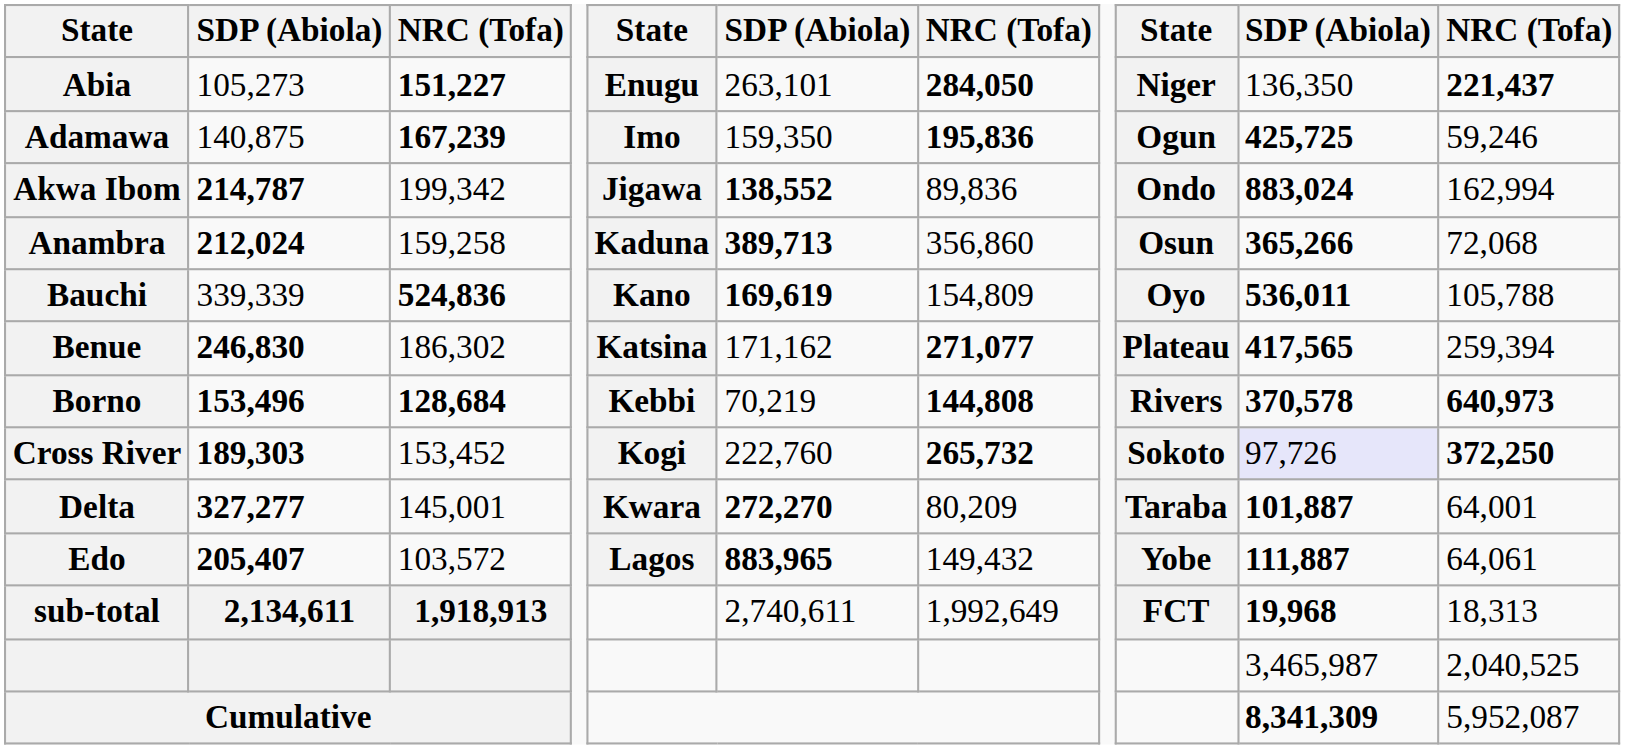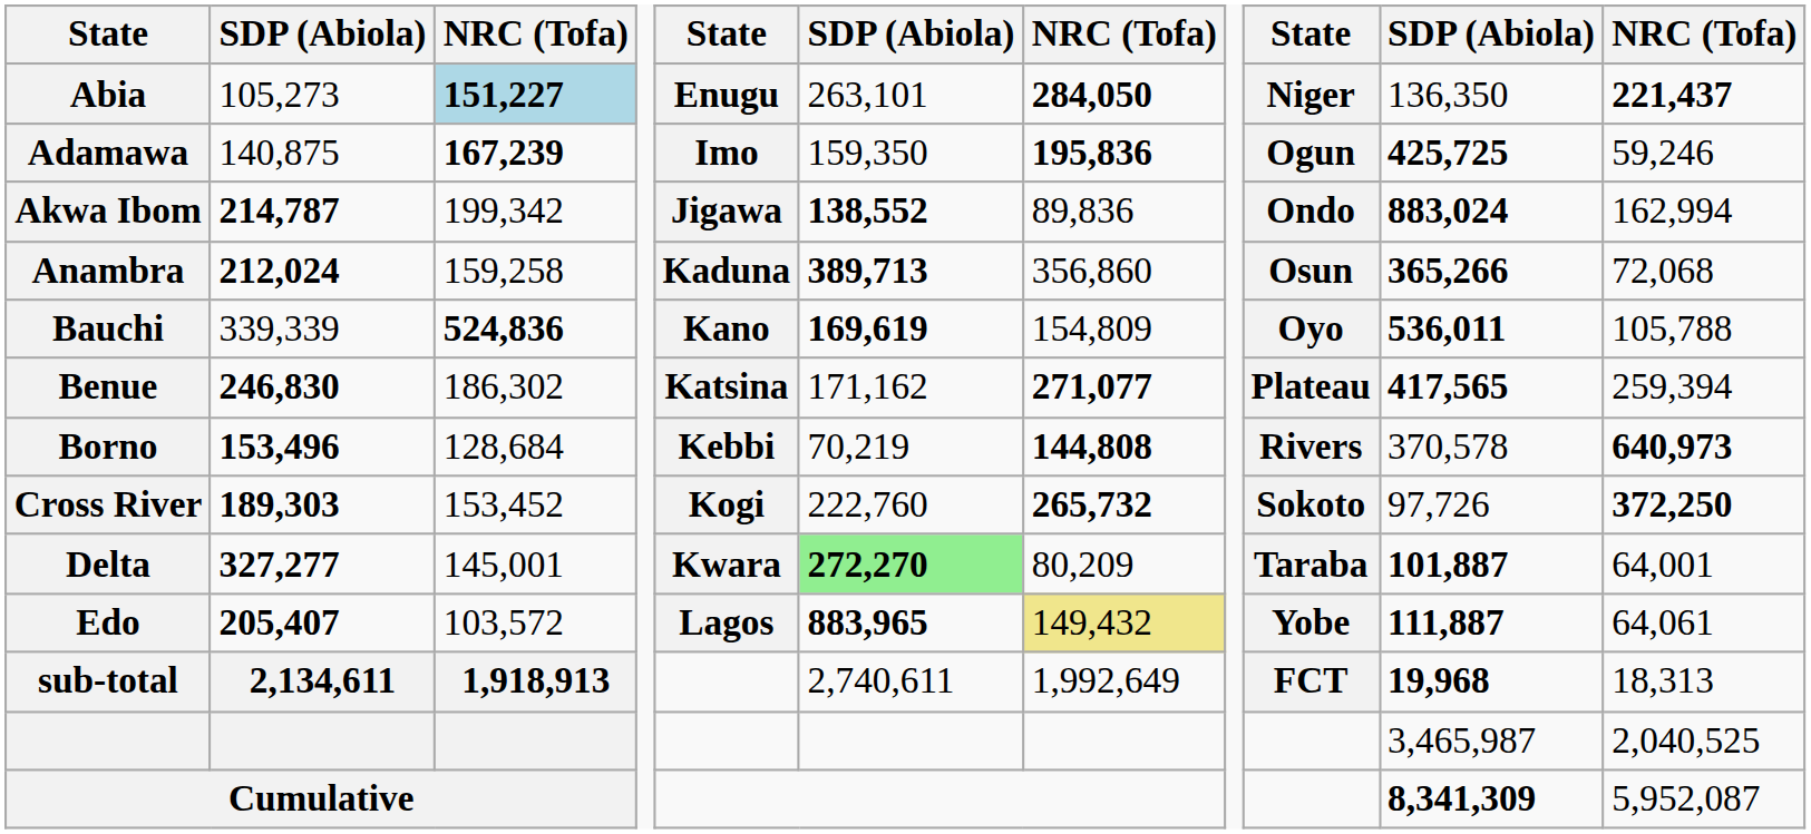 <table class="wikitable sortable mw-collapsible" style="border: none;">
 <tr>
 <th scope="col">State</th>
 <th scope="col">SDP (Abiola)</th>
 <th scope="col">NRC (Tofa)</th>
 <td rowspan="15" style="border: none;"></td>
 <th scope="col">State</th>
 <th scope="col">SDP (Abiola)</th>
 <th scope="col">NRC (Tofa)</th>
 <td rowspan="15" style="border: none;"></td>
 <th scope="col">State</th>
 <th scope="col">SDP (Abiola)</th>
 <th scope="col">NRC (Tofa)</th>
 </tr>
 <tr>
 <th>Abia</th>
 <td>105,273</td>
-<td><strong>151,227</strong></td>
+<td style="background: lightblue;"><strong>151,227</strong></td>
 <th>Enugu</th>
 <td>263,101</td>
 <td><strong>284,050</strong></td>
 <th>Niger</th>
 <td>136,350</td>
 <td><strong>221,437</strong></td>
 </tr>
 <tr>
 <th>Adamawa</th>
 <td>140,875</td>
 <td><strong>167,239</strong></td>
 <th>Imo</th>
 <td>159,350</td>
 <td><strong>195,836</strong></td>
 <th>Ogun</th>
 <td><strong>425,725</strong></td>
 <td>59,246</td>
 </tr>
 <tr>
 <th>Akwa Ibom</th>
 <td><strong>214,787</strong></td>
 <td>199,342</td>
 <th>Jigawa</th>
 <td><strong>138,552</strong></td>
 <td>89,836</td>
 <th>Ondo</th>
 <td><strong>883,024</strong></td>
 <td>162,994</td>
 </tr>
 <tr>
 <th>Anambra</th>
 <td><strong>212,024</strong></td>
 <td>159,258</td>
 <th>Kaduna</th>
 <td><strong>389,713</strong></td>
 <td>356,860</td>
 <th>Osun</th>
 <td><strong>365,266</strong></td>
 <td>72,068</td>
 </tr>
 <tr>
 <th>Bauchi</th>
 <td>339,339</td>
 <td><strong>524,836</strong></td>
 <th>Kano</th>
 <td><strong>169,619</strong></td>
 <td>154,809</td>
 <th>Oyo</th>
 <td><strong>536,011</strong></td>
 <td>105,788</td>
 </tr>
 <tr>
 <th>Benue</th>
 <td><strong>246,830</strong></td>
 <td>186,302</td>
 <th>Katsina</th>
 <td>171,162</td>
 <td><strong>271,077</strong></td>
 <th>Plateau</th>
 <td><strong>417,565</strong></td>
 <td>259,394</td>
 </tr>
 <tr>
 <th>Borno</th>
 <td><strong>153,496</strong></td>
-<td><strong>128,684</strong></td>
+<td>128,684</td>
 <th>Kebbi</th>
 <td>70,219</td>
 <td><strong>144,808</strong></td>
 <th>Rivers</th>
-<td><strong>370,578</strong></td>
+<td>370,578</td>
 <td><strong>640,973</strong></td>
 </tr>
 <tr>
 <th>Cross River</th>
 <td><strong>189,303</strong></td>
 <td>153,452</td>
 <th>Kogi</th>
 <td>222,760</td>
 <td><strong>265,732</strong></td>
 <th>Sokoto</th>
-<td style="background: lavender;">97,726</td>
+<td>97,726</td>
 <td><strong>372,250</strong></td>
 </tr>
 <tr>
 <th>Delta</th>
 <td><strong>327,277</strong></td>
 <td>145,001</td>
 <th>Kwara</th>
-<td><strong>272,270</strong></td>
+<td style="background: lightgreen;"><strong>272,270</strong></td>
 <td>80,209</td>
 <th>Taraba</th>
 <td><strong>101,887</strong></td>
 <td>64,001</td>
 </tr>
 <tr>
 <th>Edo</th>
 <td><strong>205,407</strong></td>
 <td>103,572</td>
 <th>Lagos</th>
 <td><strong>883,965</strong></td>
-<td>149,432</td>
+<td style="background: khaki;">149,432</td>
 <th>Yobe</th>
 <td><strong>111,887</strong></td>
 <td>64,061</td>
 </tr>
 <tr>
 <th>sub-total</th>
 <th>2,134,611</th>
 <th>1,918,913</th>
 <td></td>
 <td>2,740,611</td>
 <td>1,992,649</td>
 <th>FCT</th>
 <td><strong>19,968</strong></td>
 <td>18,313</td>
 </tr>
 <tr>
 <th></th>
 <th></th>
 <th></th>
 <td></td>
 <td></td>
 <td></td>
 <td></td>
 <td>3,465,987</td>
 <td>2,040,525</td>
 </tr>
 <tr>
 <th colspan="3">Cumulative</th>
 <td colspan="3"></td>
 <td></td>
 <td><strong>8,341,309</strong></td>
 <td>5,952,087</td>
 </tr>
 </table>
